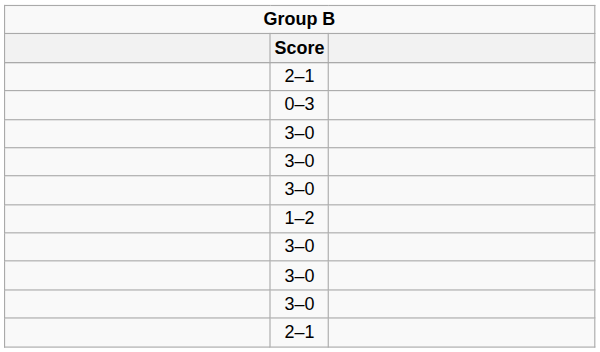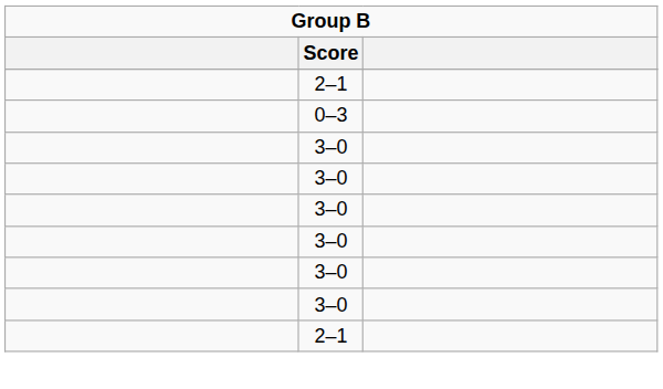 <table class="wikitable" style="text-align: center; display: inline-table;">
 <tr>
 <td colspan="3"><strong>Group B</strong></td>
 </tr>
 <tr>
 <th scope="col" style="width: 230px;"></th>
 <th scope="col" style="width: 30px;">Score</th>
 <th scope="col" style="width: 230px;"></th>
 </tr>
 <tr>
 </tr>
 <tr>
 <td></td>
 <td>2–1</td>
 <td></td>
 </tr>
 <tr>
 <td></td>
 <td>0–3</td>
 <td></td>
 </tr>
 <tr>
 <td></td>
 <td>3–0</td>
 <td></td>
 </tr>
 <tr>
 <td></td>
 <td>3–0</td>
 <td></td>
 </tr>
 <tr>
 <td></td>
 <td>3–0</td>
 <td></td>
 </tr>
 <tr>
 <td></td>
-<td>1–2</td>
-<td></td>
-</tr>
-<tr>
-<td></td>
 <td>3–0</td>
 <td></td>
 </tr>
 <tr>
 <td></td>
 <td>3–0</td>
 <td></td>
 </tr>
 <tr>
 <td></td>
 <td>3–0</td>
 <td></td>
 </tr>
 <tr>
 <td></td>
 <td>2–1</td>
 <td></td>
 </tr>
 </table>
